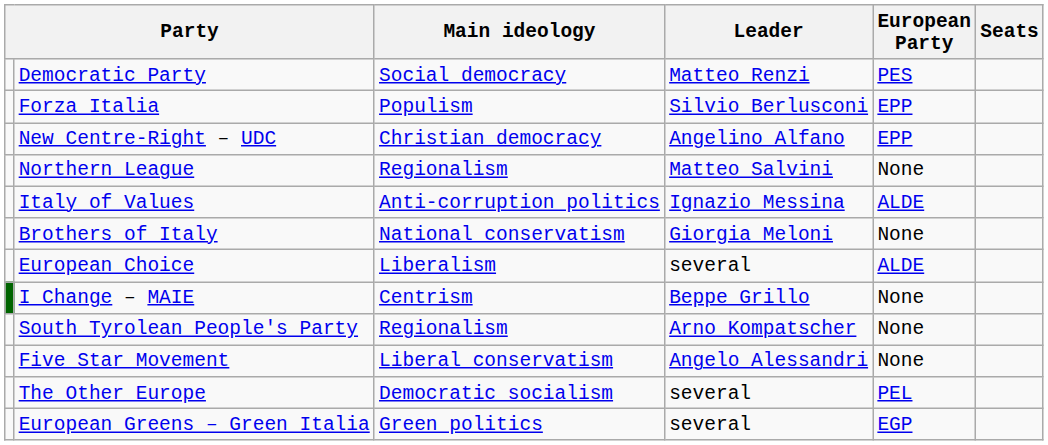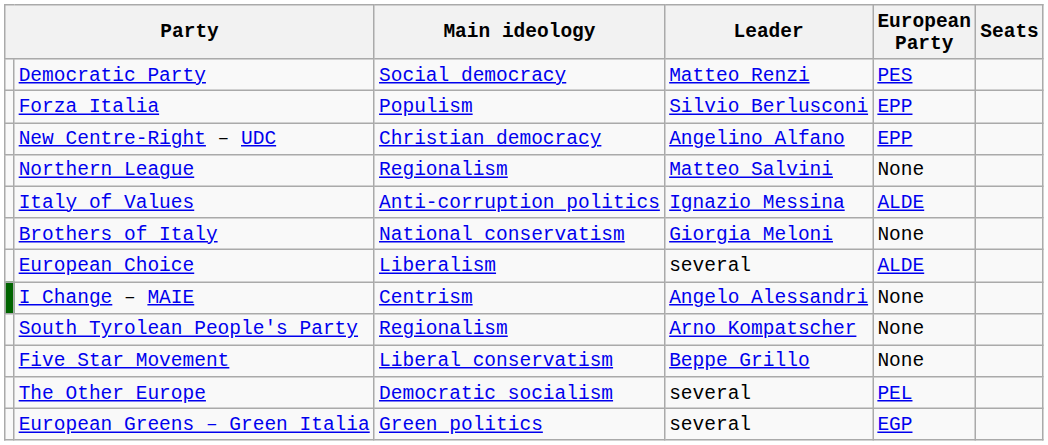 <table class="wikitable" style=text-align:left>
 <tr>
 <th colspan=2>Party</th>
 <th>Main ideology</th>
 <th>Leader</th>
 <th>European <br> Party</th>
 <th>Seats</th>
 </tr>
 <tr>
 <td></td>
 <td><a href='#'>Democratic Party</a></td>
 <td><a href='#'>Social democracy</a></td>
 <td><a href='#'>Matteo Renzi</a></td>
 <td><a href='#'>PES</a></td>
 <td></td>
 </tr>
 <tr>
 <td></td>
 <td><a href='#'>Forza Italia</a></td>
 <td><a href='#'>Populism</a></td>
 <td><a href='#'>Silvio Berlusconi</a></td>
 <td><a href='#'>EPP</a></td>
 <td></td>
 </tr>
 <tr>
 <td></td>
 <td><a href='#'>New Centre-Right</a> – <a href='#'>UDC</a></td>
 <td><a href='#'>Christian democracy</a></td>
 <td><a href='#'>Angelino Alfano</a></td>
 <td><a href='#'>EPP</a></td>
 <td></td>
 </tr>
 <tr>
 <td></td>
 <td><a href='#'>Northern League</a></td>
 <td><a href='#'>Regionalism</a></td>
 <td><a href='#'>Matteo Salvini</a></td>
 <td>None</td>
 <td></td>
 </tr>
 <tr>
 <td></td>
 <td><a href='#'>Italy of Values</a></td>
 <td><a href='#'>Anti-corruption politics</a></td>
 <td><a href='#'>Ignazio Messina</a></td>
 <td><a href='#'>ALDE</a></td>
 <td></td>
 </tr>
 <tr>
 <td></td>
 <td><a href='#'>Brothers of Italy</a></td>
 <td><a href='#'>National conservatism</a></td>
 <td><a href='#'>Giorgia Meloni</a></td>
 <td>None</td>
 <td></td>
 </tr>
 <tr>
 <td></td>
 <td><a href='#'>European Choice</a></td>
 <td><a href='#'>Liberalism</a></td>
 <td>several</td>
 <td><a href='#'>ALDE</a></td>
 <td></td>
 </tr>
 <tr>
 <td style="background:darkgreen;"></td>
 <td><a href='#'>I Change</a> – <a href='#'>MAIE</a></td>
 <td><a href='#'>Centrism</a></td>
-<td><a href='#'>Beppe Grillo</a></td>
+<td><a href='#'>Angelo Alessandri</a></td>
 <td>None</td>
 <td></td>
 </tr>
 <tr>
 <td></td>
 <td><a href='#'>South Tyrolean People's Party</a></td>
 <td><a href='#'>Regionalism</a></td>
 <td><a href='#'>Arno Kompatscher</a></td>
 <td>None</td>
 <td></td>
 </tr>
 <tr>
 <td></td>
 <td><a href='#'>Five Star Movement</a></td>
 <td><a href='#'>Liberal conservatism</a></td>
-<td><a href='#'>Angelo Alessandri</a></td>
+<td><a href='#'>Beppe Grillo</a></td>
 <td>None</td>
 <td></td>
 </tr>
 <tr>
 <td></td>
 <td><a href='#'>The Other Europe</a></td>
 <td><a href='#'>Democratic socialism</a></td>
 <td>several</td>
 <td><a href='#'>PEL</a></td>
 <td></td>
 </tr>
 <tr>
 <td></td>
 <td><a href='#'>European Greens – Green Italia</a></td>
 <td><a href='#'>Green politics</a></td>
 <td>several</td>
 <td><a href='#'>EGP</a></td>
 <td></td>
 </tr>
 </table>
